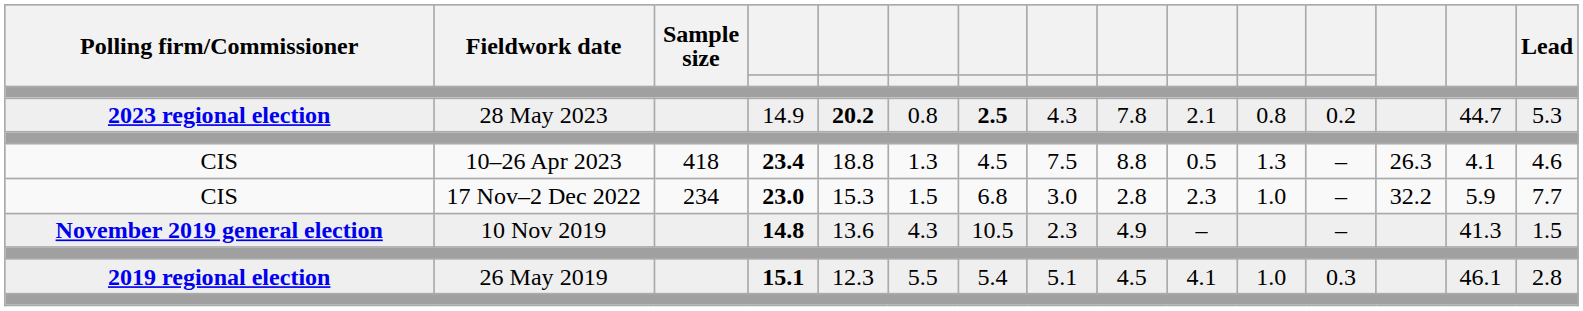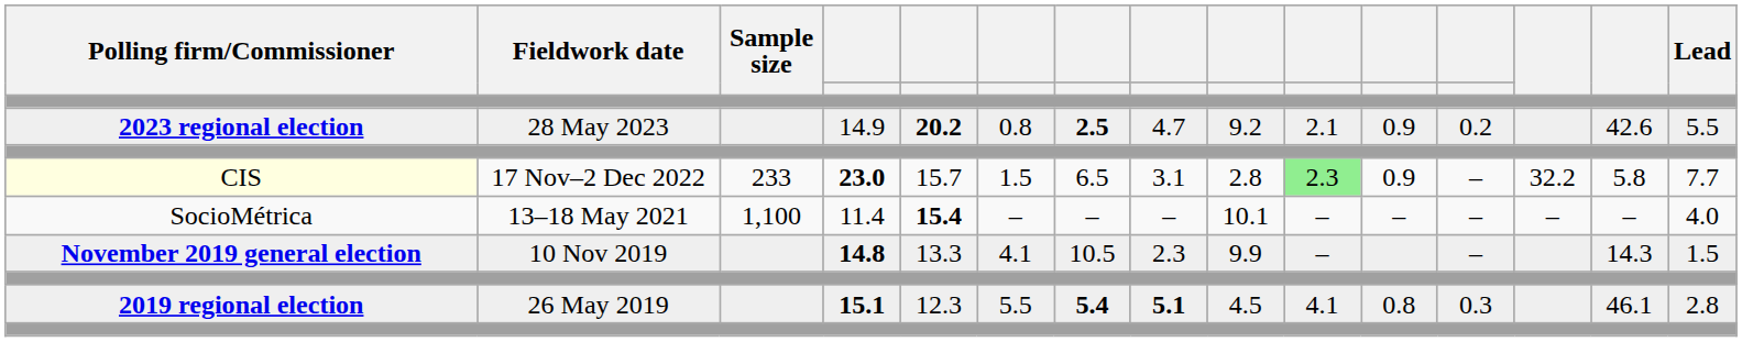 <table class="wikitable collapsible collapsed" style="text-align:center; font-size:90%; line-height:14px;">
 <tr style="height:42px;">
 <th style="width:250px;" rowspan="2">Polling firm/Commissioner</th>
 <th style="width:125px;" rowspan="2">Fieldwork date</th>
 <th style="width:50px;" rowspan="2">Sample size</th>
 <th style="width:35px;"></th>
 <th style="width:35px;"></th>
 <th style="width:35px;"></th>
 <th style="width:35px;"></th>
 <th style="width:35px;"></th>
 <th style="width:35px;"></th>
 <th style="width:35px;"></th>
 <th style="width:35px;"></th>
 <th style="width:35px;"></th>
 <th style="width:35px;" rowspan="2"></th>
 <th style="width:35px;" rowspan="2"></th>
 <th style="width:30px;" rowspan="2">Lead</th>
 </tr>
 <tr>
 <th style="color:inherit;background:"></th>
 <th style="color:inherit;background:"></th>
 <th style="color:inherit;background:"></th>
 <th style="color:inherit;background:"></th>
 <th style="color:inherit;background:"></th>
 <th style="color:inherit;background:"></th>
 <th style="color:inherit;background:"></th>
 <th style="color:inherit;background:"></th>
 <th style="color:inherit;background:"></th>
 </tr>
 <tr>
 <td colspan="15" style="background:#A0A0A0"></td>
 </tr>
 <tr style="background:#EFEFEF;">
 <td><strong><a href='#'>2023 regional election</a></strong></td>
 <td>28 May 2023</td>
 <td></td>
 <td>14.9</td>
 <td><strong>20.2</strong></td>
 <td>0.8</td>
 <td><strong>2.5</strong></td>
-<td>4.3</td>
-<td>7.8</td>
+<td>4.7</td>
+<td>9.2</td>
 <td>2.1</td>
-<td>0.8</td>
+<td>0.9</td>
 <td>0.2</td>
 <td></td>
-<td>44.7</td>
-<td style="background:">5.3</td>
+<td>42.6</td>
+<td style="background:">5.5</td>
 </tr>
 <tr>
 <td colspan="15" style="background:#A0A0A0"></td>
 </tr>
 <tr>
-<td>CIS</td>
-<td>10–26 Apr 2023</td>
-<td>418</td>
-<td><strong>23.4</strong></td>
-<td>18.8</td>
-<td>1.3</td>
-<td>4.5</td>
-<td>7.5</td>
-<td>8.8</td>
-<td>0.5</td>
-<td>1.3</td>
+<td style="background: lightyellow;">CIS</td>
+<td>17 Nov–2 Dec 2022</td>
+<td>233</td>
+<td><strong>23.0</strong></td>
+<td>15.7</td>
+<td>1.5</td>
+<td>6.5</td>
+<td>3.1</td>
+<td>2.8</td>
+<td style="background: lightgreen;">2.3</td>
+<td>0.9</td>
 <td>–</td>
-<td>26.3</td>
-<td>4.1</td>
-<td style="background:">4.6</td>
+<td>32.2</td>
+<td>5.8</td>
+<td style="background:">7.7</td>
 </tr>
 <tr>
-<td>CIS</td>
-<td>17 Nov–2 Dec 2022</td>
-<td>234</td>
-<td><strong>23.0</strong></td>
-<td>15.3</td>
-<td>1.5</td>
-<td>6.8</td>
-<td>3.0</td>
-<td>2.8</td>
-<td>2.3</td>
-<td>1.0</td>
+<td>SocioMétrica</td>
+<td>13–18 May 2021</td>
+<td>1,100</td>
+<td>11.4</td>
+<td><strong>15.4</strong></td>
 <td>–</td>
-<td>32.2</td>
-<td>5.9</td>
-<td style="background:">7.7</td>
+<td>–</td>
+<td>–</td>
+<td>10.1</td>
+<td>–</td>
+<td>–</td>
+<td>–</td>
+<td>–</td>
+<td>–</td>
+<td style="background:">4.0</td>
 </tr>
 <tr style="background:#EFEFEF;">
 <td><strong><a href='#'>November 2019 general election</a></strong></td>
 <td>10 Nov 2019</td>
 <td></td>
 <td><strong>14.8</strong></td>
-<td>13.6</td>
-<td>4.3</td>
+<td>13.3</td>
+<td>4.1</td>
 <td>10.5</td>
 <td>2.3</td>
-<td>4.9</td>
+<td>9.9</td>
 <td>–</td>
 <td></td>
 <td>–</td>
 <td></td>
-<td>41.3</td>
+<td>14.3</td>
 <td style="background:">1.5</td>
 </tr>
 <tr>
 <td colspan="15" style="background:#A0A0A0"></td>
 </tr>
 <tr style="background:#EFEFEF;">
 <td><strong><a href='#'>2019 regional election</a></strong></td>
 <td>26 May 2019</td>
 <td></td>
 <td><strong>15.1</strong></td>
 <td>12.3</td>
 <td>5.5</td>
-<td>5.4</td>
-<td>5.1</td>
+<td><strong>5.4</strong></td>
+<td><strong>5.1</strong></td>
 <td>4.5</td>
 <td>4.1</td>
-<td>1.0</td>
+<td>0.8</td>
 <td>0.3</td>
 <td></td>
 <td>46.1</td>
 <td style="background:">2.8</td>
 </tr>
 <tr>
 <td colspan="15" style="background:#A0A0A0"></td>
 </tr>
 </table>
